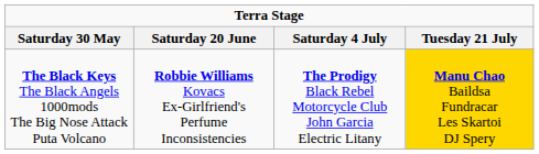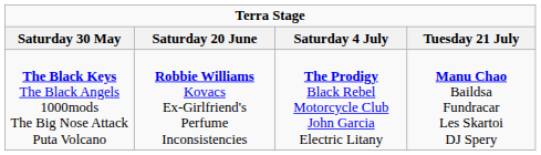 <table class="wikitable">
 <tr>
 <td colspan="4" align="center"><strong>Terra Stage</strong></td>
 </tr>
 <tr>
 <th>Saturday 30 May</th>
 <th>Saturday 20 June</th>
 <th>Saturday 4 July</th>
 <th>Tuesday 21 July</th>
 </tr>
 <tr>
 <td valign="top" align="center" width=200><br><strong><a href='#'>The Black Keys</a></strong> <br><a href='#'>The Black Angels</a> <br>1000mods <br>The Big Nose Attack <br>Puta Volcano</td>
 <td valign="top" align="center" width=200><br><strong><a href='#'>Robbie Williams</a></strong> <br><a href='#'>Kovacs</a> <br>Ex-Girlfriend's Perfume <br>Inconsistencies</td>
 <td valign="top" align="center" width=200><br><strong><a href='#'>The Prodigy</a></strong> <br><a href='#'>Black Rebel Motorcycle Club</a> <br><a href='#'>John Garcia</a> <br>Electric Litany</td>
-<td valign="top" align="center" width=200 style="background: gold;"><br><strong><a href='#'>Manu Chao</a></strong> <br>Baildsa <br>Fundracar <br>Les Skartoi <br> DJ Spery</td>
+<td valign="top" align="center" width=200><br><strong><a href='#'>Manu Chao</a></strong> <br>Baildsa <br>Fundracar <br>Les Skartoi <br> DJ Spery</td>
 </tr>
 </table>
